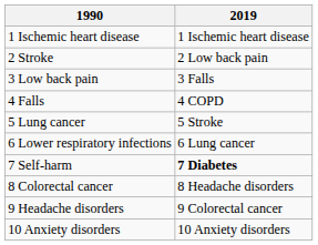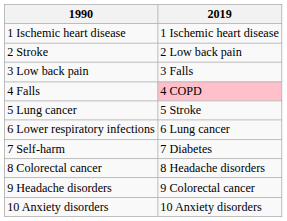 <table class="wikitable">
 <tr>
 <th>1990</th>
 <th>2019</th>
 </tr>
 <tr>
 <td>1 Ischemic heart disease</td>
 <td>1 Ischemic heart disease</td>
 </tr>
 <tr>
 <td>2 Stroke</td>
 <td>2 Low back pain</td>
 </tr>
 <tr>
 <td>3 Low back pain</td>
 <td>3 Falls</td>
 </tr>
 <tr>
 <td>4 Falls</td>
-<td>4 COPD</td>
+<td style="background: pink;">4 COPD</td>
 </tr>
 <tr>
 <td>5 Lung cancer</td>
 <td>5 Stroke</td>
 </tr>
 <tr>
 <td>6 Lower respiratory infections</td>
 <td>6 Lung cancer</td>
 </tr>
 <tr>
 <td>7 Self-harm</td>
-<td><strong>7 Diabetes</strong></td>
+<td>7 Diabetes</td>
 </tr>
 <tr>
 <td>8 Colorectal cancer</td>
 <td>8 Headache disorders</td>
 </tr>
 <tr>
 <td>9 Headache disorders</td>
 <td>9 Colorectal cancer</td>
 </tr>
 <tr>
 <td>10 Anxiety disorders</td>
 <td>10 Anxiety disorders</td>
 </tr>
 </table>
